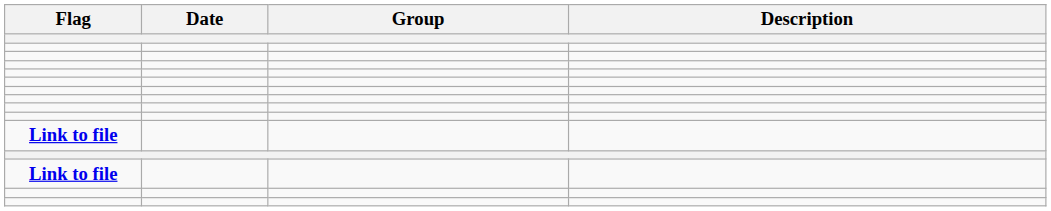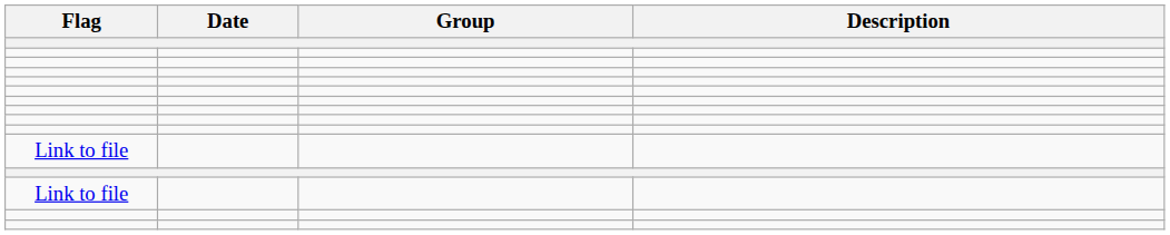 <table class="wikitable" style="background:#f9f9f9">
 <tr>
 <th width="110">Flag</th>
 <th width="100">Date</th>
 <th width="250">Group</th>
 <th width="400">Description</th>
 </tr>
 <tr>
 <th colspan="4"></th>
 </tr>
 <tr>
 <td></td>
 <td></td>
 <td></td>
 <td></td>
 </tr>
 <tr>
 <td></td>
 <td></td>
 <td></td>
 <td></td>
 </tr>
 <tr>
 <td></td>
 <td></td>
 <td></td>
 <td></td>
 </tr>
 <tr>
 <td></td>
 <td></td>
 <td></td>
 <td></td>
 </tr>
 <tr>
 <td></td>
 <td></td>
 <td></td>
 <td></td>
 </tr>
 <tr>
 <td></td>
 <td></td>
 <td></td>
 <td></td>
 </tr>
 <tr>
 <td></td>
 <td></td>
 <td></td>
 <td></td>
 </tr>
 <tr>
 <td></td>
 <td></td>
 <td></td>
 <td></td>
 </tr>
 <tr>
 <td></td>
 <td></td>
 <td></td>
 <td></td>
 </tr>
 <tr>
-<td style="text-align:center;"><strong><a href='#'>Link to file</a></strong></td>
+<td style="text-align:center;"><a href='#'>Link to file</a></td>
 <td></td>
 <td></td>
 <td></td>
 </tr>
 <tr>
 <th colspan="4"></th>
 </tr>
 <tr>
-<td style="text-align:center;"><strong><a href='#'>Link to file</a></strong></td>
+<td style="text-align:center;"><a href='#'>Link to file</a></td>
 <td></td>
 <td></td>
 <td></td>
 </tr>
 <tr>
 <td></td>
 <td></td>
 <td></td>
 <td></td>
 </tr>
 <tr>
 <td></td>
 <td></td>
 <td></td>
 <td></td>
 </tr>
 </table>
